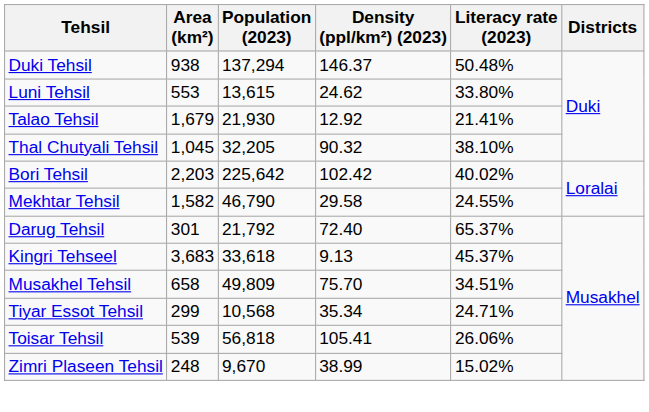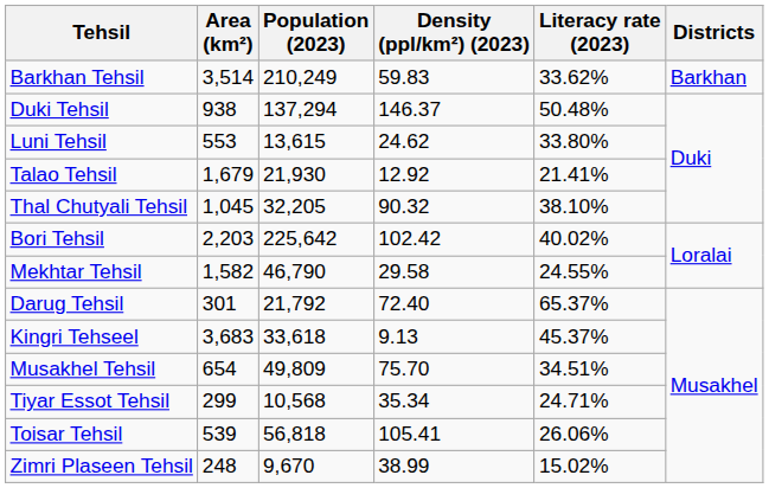 <table class="wikitable sortable static-row-numbers static-row-header-hash">
 <tr>
 <th>Tehsil</th>
 <th>Area<br>(km²)</th>
 <th>Population<br>(2023)</th>
 <th>Density<br>(ppl/km²) (2023)</th>
 <th>Literacy rate<br>(2023)</th>
 <th>Districts</th>
+</tr>
+<tr>
+<td><a href='#'>Barkhan Tehsil</a></td>
+<td>3,514</td>
+<td>210,249</td>
+<td>59.83</td>
+<td>33.62%</td>
+<td><a href='#'>Barkhan</a></td>
 </tr>
 <tr>
 <td><a href='#'>Duki Tehsil</a></td>
 <td>938</td>
 <td>137,294</td>
 <td>146.37</td>
 <td>50.48%</td>
 <td rowspan="4"><a href='#'>Duki</a></td>
 </tr>
 <tr>
 <td><a href='#'>Luni Tehsil</a></td>
 <td>553</td>
 <td>13,615</td>
 <td>24.62</td>
 <td>33.80%</td>
 </tr>
 <tr>
 <td><a href='#'>Talao Tehsil</a></td>
 <td>1,679</td>
 <td>21,930</td>
 <td>12.92</td>
 <td>21.41%</td>
 </tr>
 <tr>
 <td><a href='#'>Thal Chutyali Tehsil</a></td>
 <td>1,045</td>
 <td>32,205</td>
 <td>90.32</td>
 <td>38.10%</td>
 </tr>
 <tr>
 <td><a href='#'>Bori Tehsil</a></td>
 <td>2,203</td>
 <td>225,642</td>
 <td>102.42</td>
 <td>40.02%</td>
 <td rowspan="2"><a href='#'>Loralai</a></td>
 </tr>
 <tr>
 <td><a href='#'>Mekhtar Tehsil</a></td>
 <td>1,582</td>
 <td>46,790</td>
 <td>29.58</td>
 <td>24.55%</td>
 </tr>
 <tr>
 <td><a href='#'>Darug Tehsil</a></td>
 <td>301</td>
 <td>21,792</td>
 <td>72.40</td>
 <td>65.37%</td>
 <td rowspan="6"><a href='#'>Musakhel</a></td>
 </tr>
 <tr>
 <td><a href='#'>Kingri Tehseel</a></td>
 <td>3,683</td>
 <td>33,618</td>
 <td>9.13</td>
 <td>45.37%</td>
 </tr>
 <tr>
 <td><a href='#'>Musakhel Tehsil</a></td>
-<td>658</td>
+<td>654</td>
 <td>49,809</td>
 <td>75.70</td>
 <td>34.51%</td>
 </tr>
 <tr>
 <td><a href='#'>Tiyar Essot Tehsil</a></td>
 <td>299</td>
 <td>10,568</td>
 <td>35.34</td>
 <td>24.71%</td>
 </tr>
 <tr>
 <td><a href='#'>Toisar Tehsil</a></td>
 <td>539</td>
 <td>56,818</td>
 <td>105.41</td>
 <td>26.06%</td>
 </tr>
 <tr>
 <td><a href='#'>Zimri Plaseen Tehsil</a></td>
 <td>248</td>
 <td>9,670</td>
 <td>38.99</td>
 <td>15.02%</td>
 </tr>
 </table>
